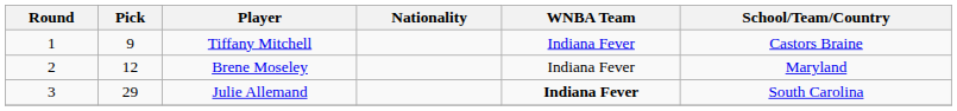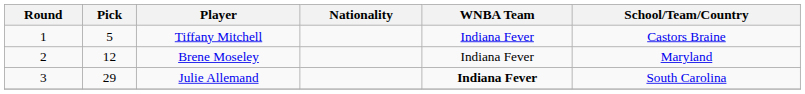 <table class="wikitable" style="text-align:center; width:60em">
 <tr>
 <th>Round</th>
 <th>Pick</th>
 <th>Player</th>
 <th>Nationality</th>
 <th>WNBA Team</th>
 <th>School/Team/Country</th>
 </tr>
 <tr>
 <td>1</td>
-<td>9</td>
+<td>5</td>
 <td><a href='#'>Tiffany Mitchell</a></td>
 <td></td>
 <td><a href='#'>Indiana Fever</a></td>
 <td><a href='#'>Castors Braine</a></td>
 </tr>
 <tr>
 <td>2</td>
 <td>12</td>
 <td><a href='#'>Brene Moseley</a></td>
 <td></td>
 <td>Indiana Fever</td>
 <td><a href='#'>Maryland</a></td>
 </tr>
 <tr>
 <td>3</td>
 <td>29</td>
 <td><a href='#'>Julie Allemand</a></td>
 <td></td>
 <td><strong>Indiana Fever</strong></td>
 <td><a href='#'>South Carolina</a></td>
 </tr>
 <tr>
 </tr>
 </table>
